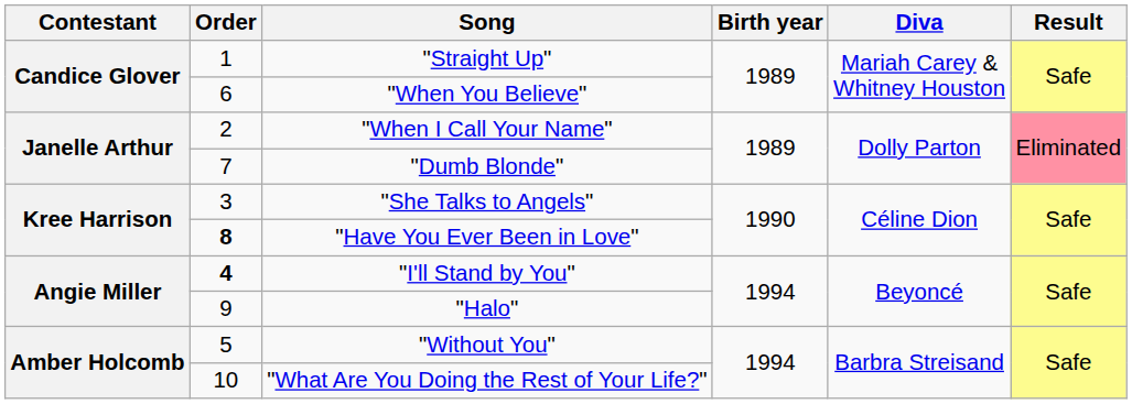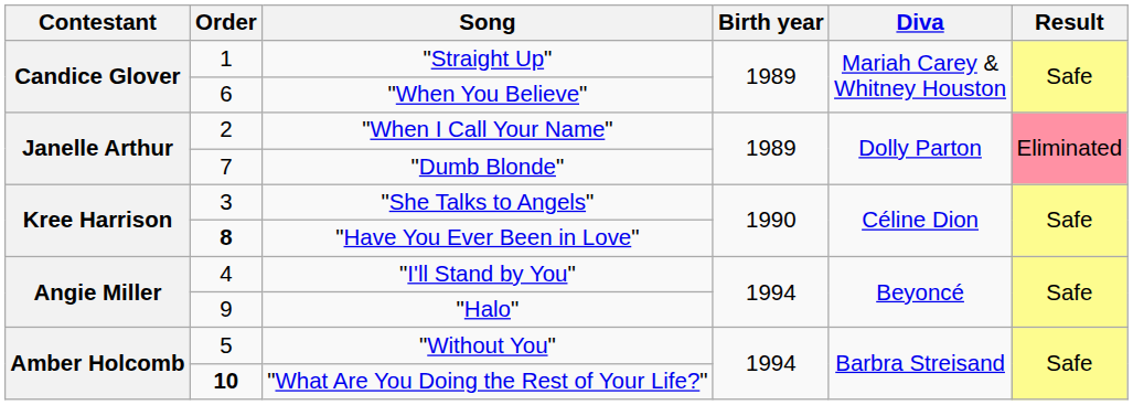 <table class="wikitable unsortable" style="text-align:center;">
 <tr>
 <th scope="col">Contestant</th>
 <th scope="col">Order</th>
 <th scope="col">Song</th>
 <th scope="col">Birth year</th>
 <th scope="col"><a href='#'>Diva</a></th>
 <th scope="col">Result</th>
 </tr>
 <tr>
 <th scope="row" rowspan="2">Candice Glover</th>
 <td>1</td>
 <td>"<a href='#'>Straight Up</a>"</td>
 <td rowspan="2">1989</td>
 <td rowspan="2"><a href='#'>Mariah Carey</a> &<br><a href='#'>Whitney Houston</a></td>
 <td rowspan="2" style="background:#fdfc8f;">Safe</td>
 </tr>
 <tr>
 <td>6</td>
 <td>"<a href='#'>When You Believe</a>"</td>
 </tr>
 <tr>
 <th scope="row" rowspan="2">Janelle Arthur</th>
 <td>2</td>
 <td>"<a href='#'>When I Call Your Name</a>"</td>
 <td rowspan="2">1989</td>
 <td rowspan="2"><a href='#'>Dolly Parton</a></td>
 <td rowspan="2" bgcolor="FF91A4">Eliminated</td>
 </tr>
 <tr>
 <td>7</td>
 <td>"<a href='#'>Dumb Blonde</a>"</td>
 </tr>
 <tr>
 <th scope="row" rowspan="2">Kree Harrison</th>
 <td>3</td>
 <td>"<a href='#'>She Talks to Angels</a>"</td>
 <td rowspan="2">1990</td>
 <td rowspan="2"><a href='#'>Céline Dion</a></td>
 <td rowspan="2" style="background:#fdfc8f;">Safe</td>
 </tr>
 <tr>
 <td><strong>8</strong></td>
 <td>"<a href='#'>Have You Ever Been in Love</a>"</td>
 </tr>
 <tr>
 <th scope="row" rowspan="2">Angie Miller</th>
-<td><strong>4</strong></td>
+<td>4</td>
 <td>"<a href='#'>I'll Stand by You</a>"</td>
 <td rowspan="2">1994</td>
 <td rowspan="2"><a href='#'>Beyoncé</a></td>
 <td rowspan="2" style="background:#fdfc8f;">Safe</td>
 </tr>
 <tr>
 <td>9</td>
 <td>"<a href='#'>Halo</a>"</td>
 </tr>
 <tr>
 <th scope="row" rowspan="2">Amber Holcomb</th>
 <td>5</td>
 <td>"<a href='#'>Without You</a>"</td>
 <td rowspan="2">1994</td>
 <td rowspan="2"><a href='#'>Barbra Streisand</a></td>
 <td rowspan="2" style="background:#fdfc8f;">Safe</td>
 </tr>
 <tr>
-<td>10</td>
+<td><strong>10</strong></td>
 <td>"<a href='#'>What Are You Doing the Rest of Your Life?</a>"</td>
 </tr>
 </table>
